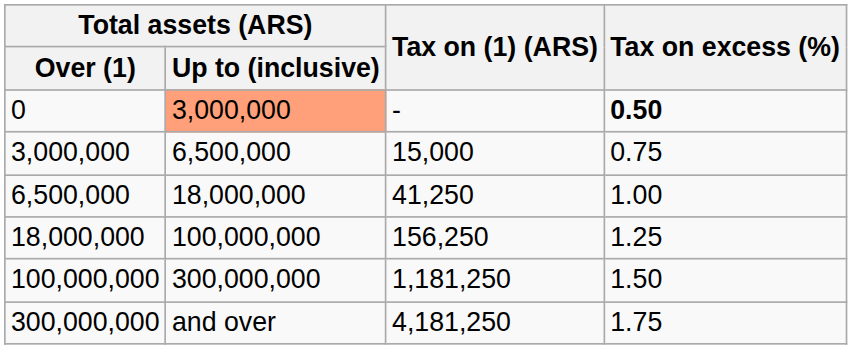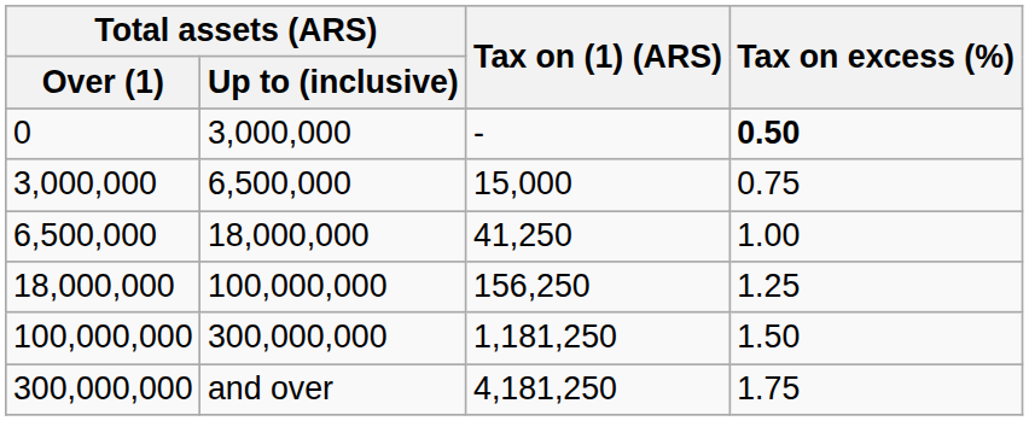 <table class="wikitable">
 <tr>
 <th colspan="2">Total assets (ARS)</th>
 <th rowspan="2">Tax on (1) (ARS)</th>
 <th rowspan="2">Tax on excess (%)</th>
 </tr>
 <tr>
 <th>Over (1)</th>
 <th>Up to (inclusive)</th>
 </tr>
 <tr>
 <td>0</td>
-<td style="background: lightsalmon;">3,000,000</td>
+<td>3,000,000</td>
 <td>-</td>
 <td><strong>0.50</strong></td>
 </tr>
 <tr>
 <td>3,000,000</td>
 <td>6,500,000</td>
 <td>15,000</td>
 <td>0.75</td>
 </tr>
 <tr>
 <td>6,500,000</td>
 <td>18,000,000</td>
 <td>41,250</td>
 <td>1.00</td>
 </tr>
 <tr>
 <td>18,000,000</td>
 <td>100,000,000</td>
 <td>156,250</td>
 <td>1.25</td>
 </tr>
 <tr>
 <td>100,000,000</td>
 <td>300,000,000</td>
 <td>1,181,250</td>
 <td>1.50</td>
 </tr>
 <tr>
 <td>300,000,000</td>
 <td>and over</td>
 <td>4,181,250</td>
 <td>1.75</td>
 </tr>
 </table>
